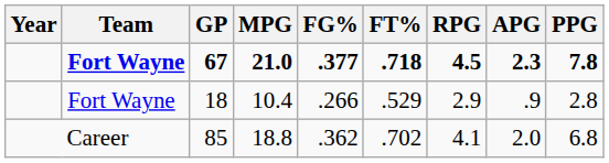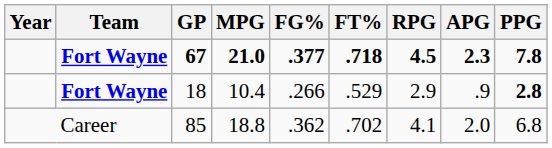 <table class="wikitable sortable" style="font-size:95%; text-align:right;">
 <tr>
 <th>Year</th>
 <th>Team</th>
 <th>GP</th>
 <th>MPG</th>
 <th>FG%</th>
 <th>FT%</th>
 <th>RPG</th>
 <th>APG</th>
 <th>PPG</th>
 </tr>
 <tr>
 <td style="text-align:left;"></td>
 <td style="text-align:left;"><strong><a href='#'>Fort Wayne</a></strong></td>
 <td><strong>67</strong></td>
 <td><strong>21.0</strong></td>
 <td><strong>.377</strong></td>
 <td><strong>.718</strong></td>
 <td><strong>4.5</strong></td>
 <td><strong>2.3</strong></td>
 <td><strong>7.8</strong></td>
 </tr>
 <tr>
 <td style="text-align:left;"></td>
-<td style="text-align:left;"><a href='#'>Fort Wayne</a></td>
+<td style="text-align:left;"><strong><a href='#'>Fort Wayne</a></strong></td>
 <td>18</td>
 <td>10.4</td>
 <td>.266</td>
 <td>.529</td>
 <td>2.9</td>
 <td>.9</td>
-<td>2.8</td>
+<td><strong>2.8</strong></td>
 </tr>
 <tr>
 <td colspan="2" style="text-align:center;">Career</td>
 <td>85</td>
 <td>18.8</td>
 <td>.362</td>
 <td>.702</td>
 <td>4.1</td>
 <td>2.0</td>
 <td>6.8</td>
 </tr>
 </table>
